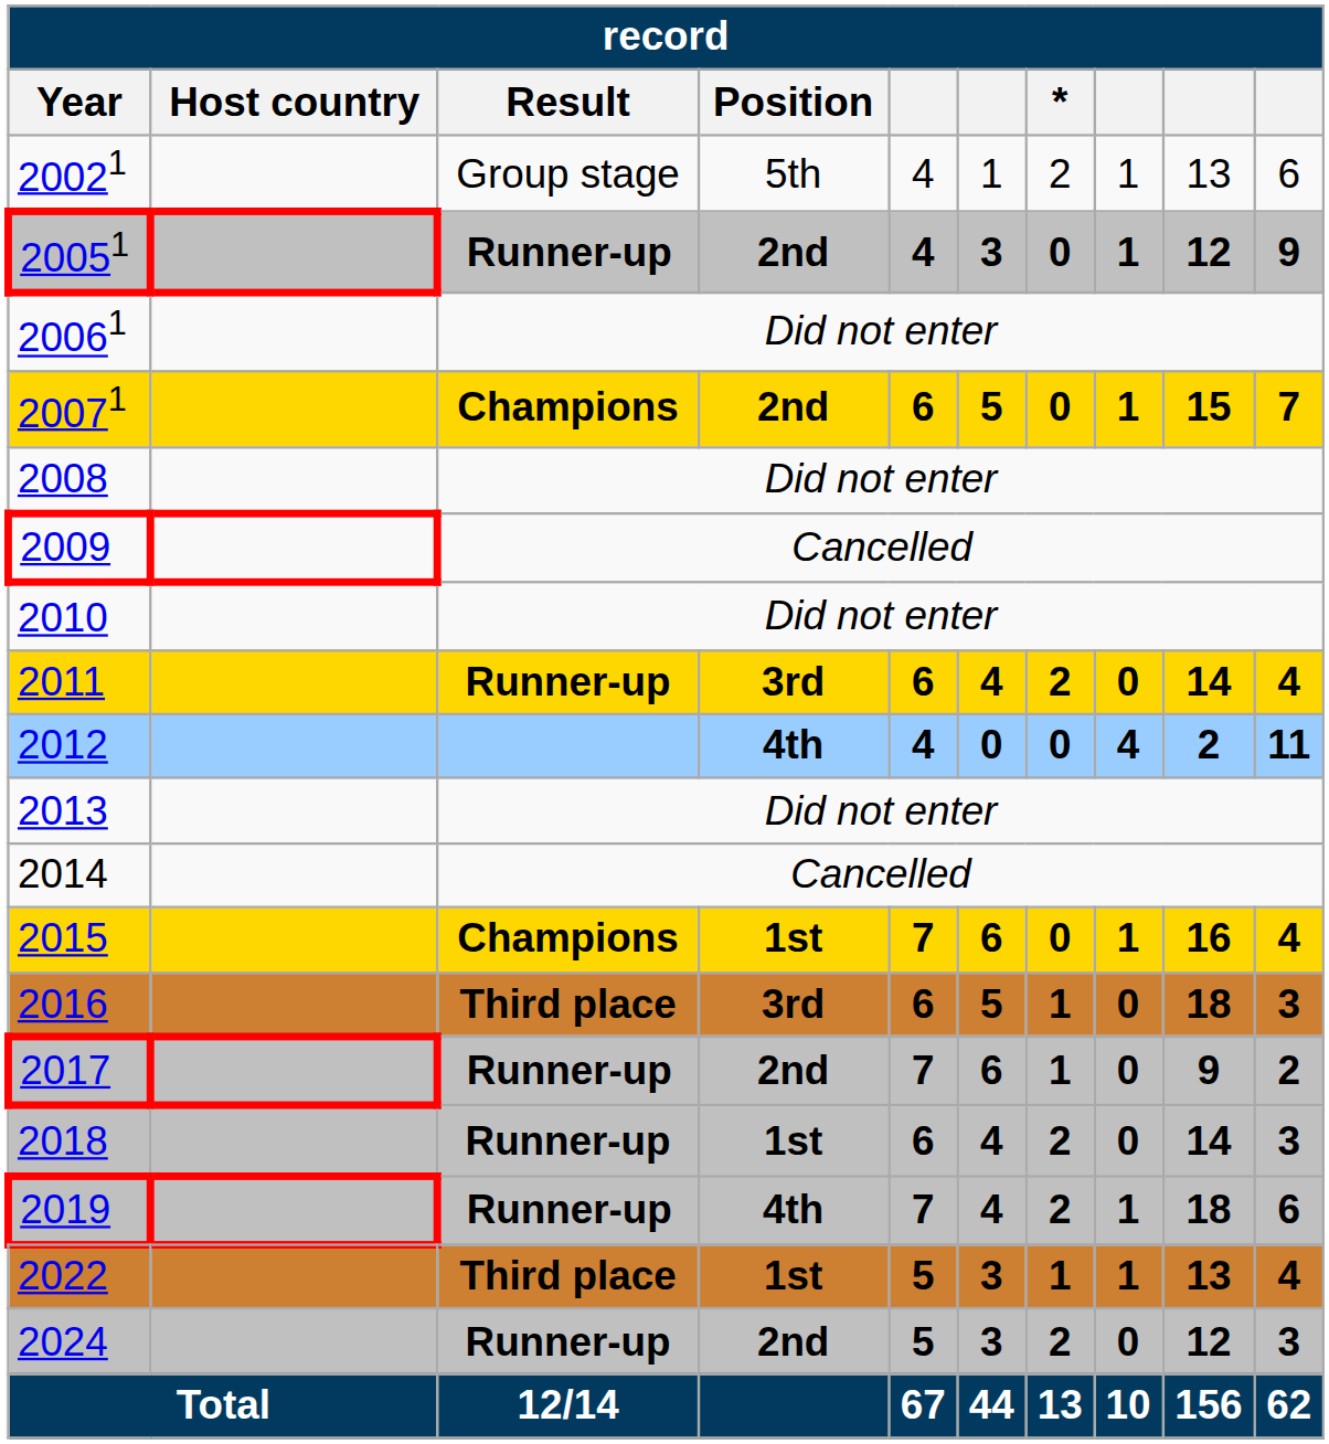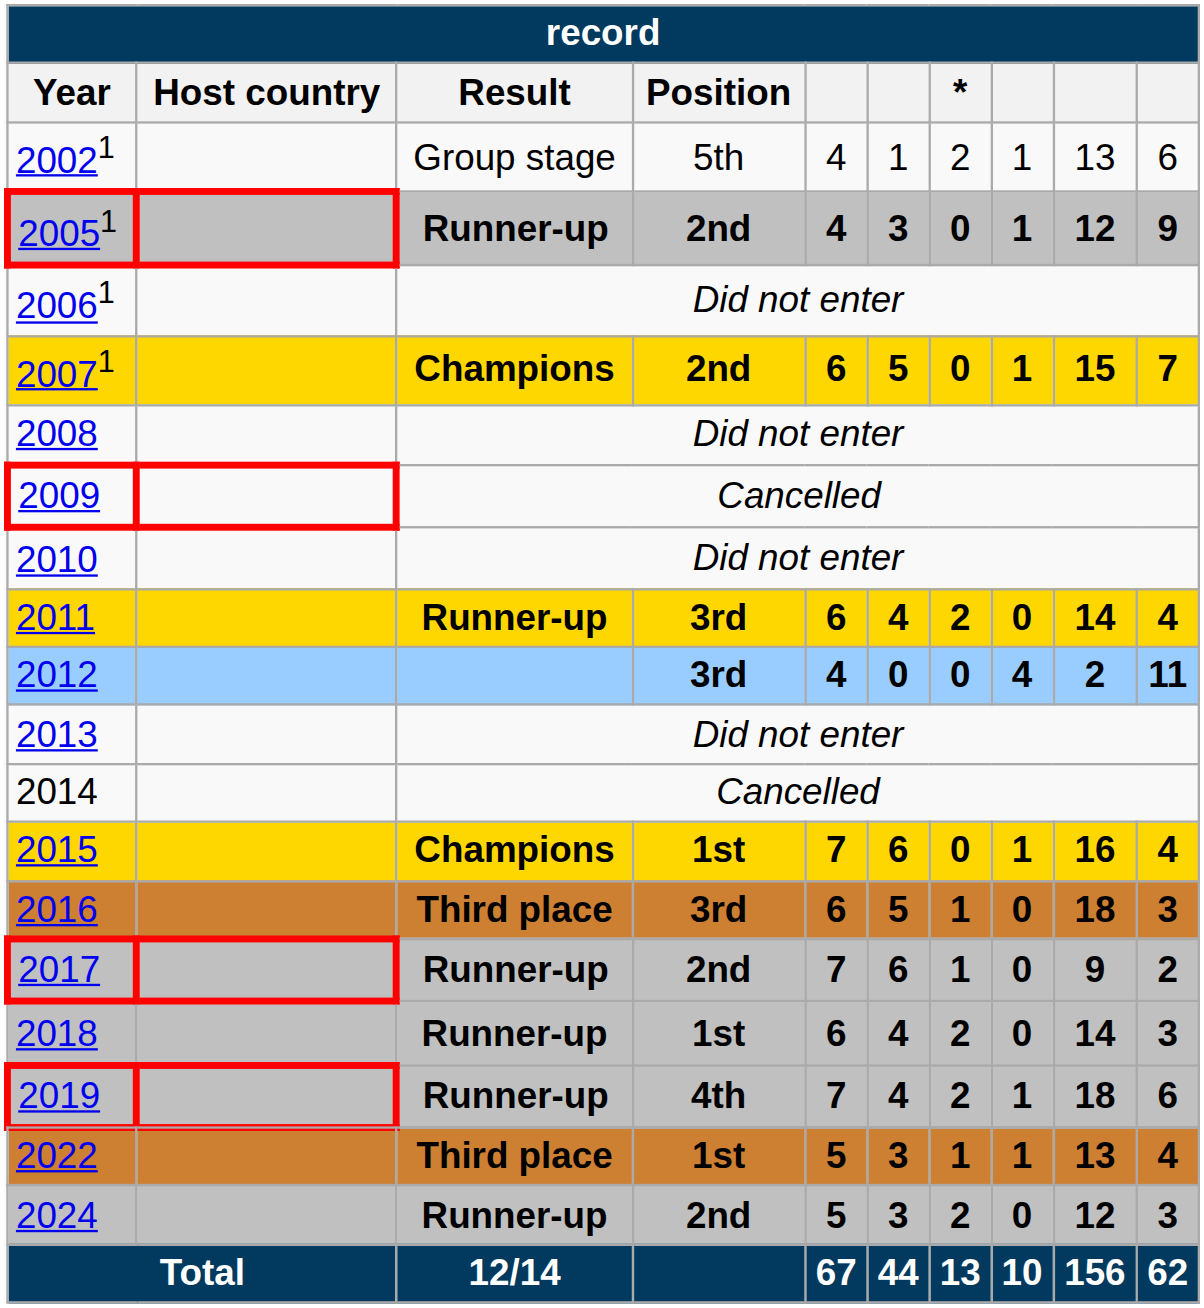 <table class="wikitable" style="text-align: center; width: 520px;">
 <tr>
 <th colspan=10 style="background: #013A5E; color: #FFFFFF;"><a href='#'></a> record</th>
 </tr>
 <tr>
 <th>Year</th>
 <th>Host country</th>
 <th>Result</th>
 <th>Position</th>
 <th></th>
 <th></th>
 <th>*</th>
 <th></th>
 <th></th>
 <th></th>
 </tr>
 <tr>
 <td style="text-align: left"><a href='#'>2002</a><sup>1</sup></td>
 <td style="text-align: left"><br></td>
 <td>Group stage</td>
 <td>5th</td>
 <td>4</td>
 <td>1</td>
 <td>2</td>
 <td>1</td>
 <td>13</td>
 <td>6</td>
 </tr>
 <tr bgcolor=Silver>
 <td style="text-align: left; border: 3px solid red"><a href='#'>2005</a><sup>1</sup></td>
 <td style="text-align: left; border: 3px solid red"></td>
 <td><strong>Runner-up</strong></td>
 <td><strong>2nd</strong></td>
 <td><strong>4</strong></td>
 <td><strong>3</strong></td>
 <td><strong>0</strong></td>
 <td><strong>1</strong></td>
 <td><strong>12</strong></td>
 <td><strong>9</strong></td>
 </tr>
 <tr>
 <td style="text-align: left"><a href='#'>2006</a><sup>1</sup></td>
 <td style="text-align: left"></td>
 <td colspan=8><em>Did not enter</em></td>
 </tr>
 <tr bgcolor=Gold>
 <td style="text-align: left"><a href='#'>2007</a><sup>1</sup></td>
 <td style="text-align: left"></td>
 <td><strong>Champions</strong></td>
 <td><strong>2nd</strong></td>
 <td><strong>6</strong></td>
 <td><strong>5</strong></td>
 <td><strong>0</strong></td>
 <td><strong>1</strong></td>
 <td><strong>15</strong></td>
 <td><strong>7</strong></td>
 </tr>
 <tr>
 <td style="text-align: left"><a href='#'>2008</a></td>
 <td style="text-align: left"></td>
 <td colspan=8><em>Did not enter</em></td>
 </tr>
 <tr>
 <td style="text-align: left; border: 3px solid red"><a href='#'>2009</a></td>
 <td style="text-align: left; border: 3px solid red"></td>
 <td colspan=8><em>Cancelled</em></td>
 </tr>
 <tr>
 <td style="text-align: left"><a href='#'>2010</a></td>
 <td style="text-align: left"></td>
 <td colspan=8><em>Did not enter</em></td>
 </tr>
 <tr bgcolor=Gold>
 <td style="text-align: left"><a href='#'>2011</a></td>
 <td style="text-align: left"></td>
 <td><strong>Runner-up</strong></td>
 <td><strong>3rd</strong></td>
 <td><strong>6</strong></td>
 <td><strong>4</strong></td>
 <td><strong>2</strong></td>
 <td><strong>0</strong></td>
 <td><strong>14</strong></td>
 <td><strong>4</strong></td>
 </tr>
 <tr bgcolor=#9acdff>
 <td style="text-align: left"><a href='#'>2012</a></td>
 <td style="text-align: left"></td>
 <td><strong></strong></td>
-<td><strong>4th</strong></td>
+<td><strong>3rd</strong></td>
 <td><strong>4</strong></td>
 <td><strong>0</strong></td>
 <td><strong>0</strong></td>
 <td><strong>4</strong></td>
 <td><strong>2</strong></td>
 <td><strong>11</strong></td>
 </tr>
 <tr>
 <td style="text-align: left"><a href='#'>2013</a></td>
 <td style="text-align: left"></td>
 <td colspan=8><em>Did not enter</em></td>
 </tr>
 <tr>
 <td style="text-align: left">2014</td>
 <td style="text-align: left"></td>
 <td colspan=8><em>Cancelled</em></td>
 </tr>
 <tr bgcolor=Gold>
 <td style="text-align: left"><a href='#'>2015</a></td>
 <td style="text-align: left"></td>
 <td><strong>Champions</strong></td>
 <td><strong>1st</strong></td>
 <td><strong>7</strong></td>
 <td><strong>6</strong></td>
 <td><strong>0</strong></td>
 <td><strong>1</strong></td>
 <td><strong>16</strong></td>
 <td><strong>4</strong></td>
 </tr>
 <tr bgcolor=#CD7F32>
 <td style="text-align: left"><a href='#'>2016</a></td>
 <td style="text-align: left"></td>
 <td><strong>Third place</strong></td>
 <td><strong>3rd</strong></td>
 <td><strong>6</strong></td>
 <td><strong>5</strong></td>
 <td><strong>1</strong></td>
 <td><strong>0</strong></td>
 <td><strong>18</strong></td>
 <td><strong>3</strong></td>
 </tr>
 <tr>
 </tr>
 <tr bgcolor=Silver>
 <td style="text-align: left; border: 3px solid red"><a href='#'>2017</a></td>
 <td style="text-align: left; border: 3px solid red"></td>
 <td><strong>Runner-up</strong></td>
 <td><strong>2nd</strong></td>
 <td><strong>7</strong></td>
 <td><strong>6</strong></td>
 <td><strong>1</strong></td>
 <td><strong>0</strong></td>
 <td><strong>9</strong></td>
 <td><strong>2</strong></td>
 </tr>
 <tr bgcolor=Silver>
 <td style="text-align: left"><a href='#'>2018</a></td>
 <td style="text-align: left"></td>
 <td><strong>Runner-up</strong></td>
 <td><strong>1st</strong></td>
 <td><strong>6</strong></td>
 <td><strong>4</strong></td>
 <td><strong>2</strong></td>
 <td><strong>0</strong></td>
 <td><strong>14</strong></td>
 <td><strong>3</strong></td>
 </tr>
 <tr bgcolor=Silver>
 <td style="text-align: left; border: 3px solid red"><a href='#'>2019</a></td>
 <td style="text-align: left; border: 3px solid red"></td>
 <td><strong>Runner-up</strong></td>
 <td><strong>4th</strong></td>
 <td><strong>7</strong></td>
 <td><strong>4</strong></td>
 <td><strong>2</strong></td>
 <td><strong>1</strong></td>
 <td><strong>18</strong></td>
 <td><strong>6</strong></td>
 </tr>
 <tr>
 </tr>
 <tr bgcolor=#CD7F32>
 <td style="text-align: left"><a href='#'>2022</a></td>
 <td style="text-align: left"></td>
 <td><strong>Third place</strong></td>
 <td><strong>1st</strong></td>
 <td><strong>5</strong></td>
 <td><strong>3</strong></td>
 <td><strong>1</strong></td>
 <td><strong>1</strong></td>
 <td><strong>13</strong></td>
 <td><strong>4</strong></td>
 </tr>
 <tr>
 </tr>
 <tr bgcolor=Silver>
 <td style="text-align: left"><a href='#'>2024</a></td>
 <td style="text-align: left"></td>
 <td><strong>Runner-up</strong></td>
 <td><strong>2nd</strong></td>
 <td><strong>5</strong></td>
 <td><strong>3</strong></td>
 <td><strong>2</strong></td>
 <td><strong>0</strong></td>
 <td><strong>12</strong></td>
 <td><strong>3</strong></td>
 </tr>
 <tr>
 <td colspan=2 style="background: #013A5E; color: #FFFFFF;"><strong>Total</strong></td>
 <td style="background: #013A5E; color: #FFFFFF;"><strong>12/14</strong></td>
 <td style="background: #013A5E; color: #FFFFFF;"><strong></strong></td>
 <td style="background: #013A5E; color: #FFFFFF;"><strong>67</strong></td>
 <td style="background: #013A5E; color: #FFFFFF;"><strong>44</strong></td>
 <td style="background: #013A5E; color: #FFFFFF;"><strong>13</strong></td>
 <td style="background: #013A5E; color: #FFFFFF;"><strong>10</strong></td>
 <td style="background: #013A5E; color: #FFFFFF;"><strong>156</strong></td>
 <td style="background: #013A5E; color: #FFFFFF;"><strong>62</strong></td>
 </tr>
 </table>
